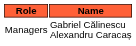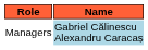 <table class="toccolours">
 <tr>
 <th style="background:#ff6037;color:#000000;border:1px solid #000000;">Role</th>
 <th style="background:#ff6037;color:#000000;border:1px solid #000000;">Name</th>
 </tr>
 <tr>
 <td>Managers</td>
-<td> Gabriel Călinescu<br> Alexandru Caracaș</td>
+<td style="background: lightblue;"> Gabriel Călinescu<br> Alexandru Caracaș</td>
 </tr>
 </table>
